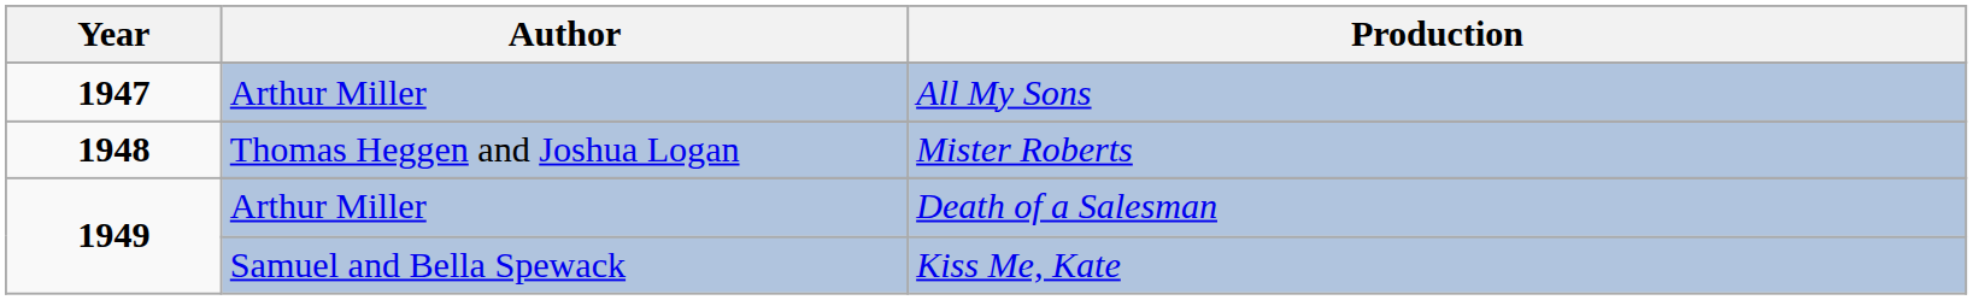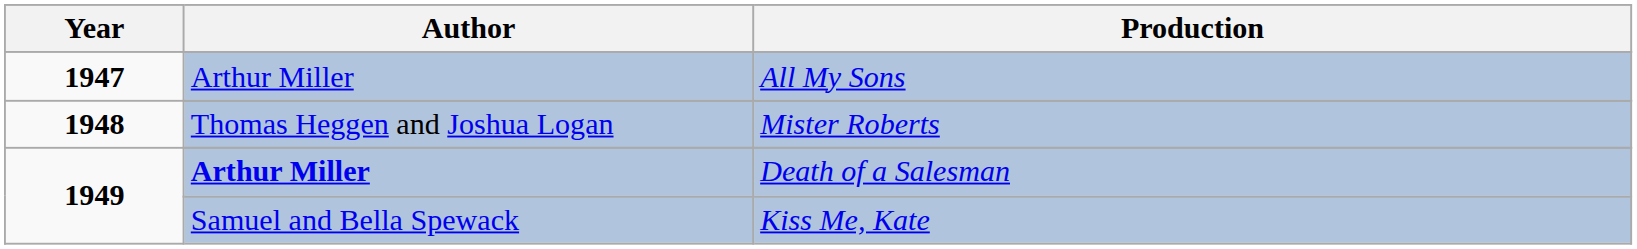 <table class="wikitable" style="width:98%;">
 <tr style="background:#bebebe;">
 <th style="width:11%;">Year</th>
 <th style="width:35%;">Author</th>
 <th style="width:54%;">Production</th>
 </tr>
 <tr>
 <td rowspan="2" align="center"><strong>1947</strong><br></td>
 </tr>
 <tr style="background:#B0C4DE">
 <td><a href='#'>Arthur Miller</a></td>
 <td><em><a href='#'>All My Sons</a></em></td>
 </tr>
 <tr>
 <td rowspan="2" align="center"><strong>1948</strong><br></td>
 </tr>
 <tr style="background:#B0C4DE">
 <td><a href='#'>Thomas Heggen</a> and <a href='#'>Joshua Logan</a></td>
 <td><em><a href='#'>Mister Roberts</a></em></td>
 </tr>
 <tr>
 <td rowspan="3" align="center"><strong>1949</strong><br></td>
 </tr>
 <tr style="background:#B0C4DE">
-<td><a href='#'>Arthur Miller</a></td>
+<td><strong><a href='#'>Arthur Miller</a></strong></td>
 <td><em><a href='#'>Death of a Salesman</a></em></td>
 </tr>
 <tr style="background:#B0C4DE">
 <td><a href='#'>Samuel and Bella Spewack</a></td>
 <td><em><a href='#'>Kiss Me, Kate</a></em></td>
 </tr>
 </table>
